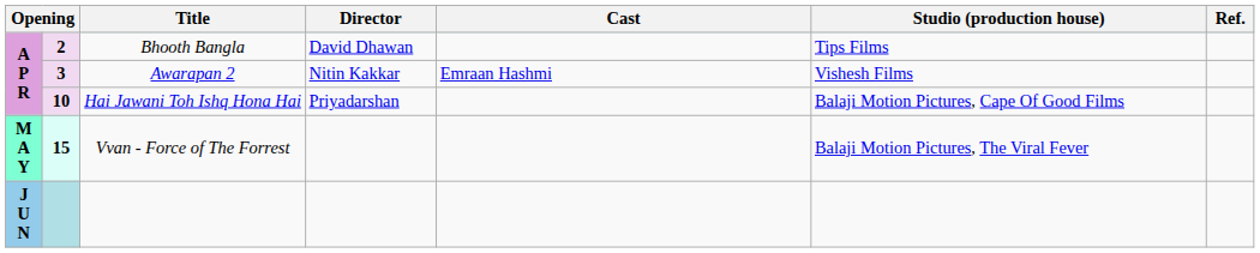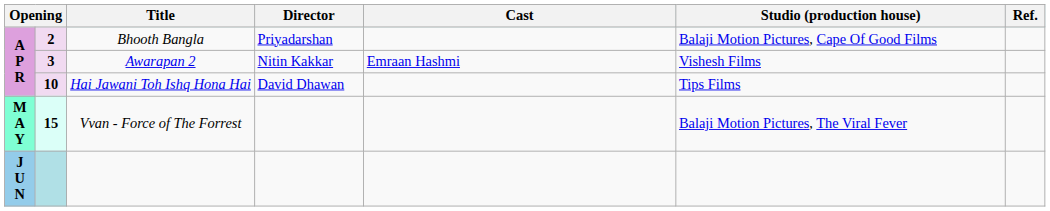 <table class="wikitable">
 <tr style="background:#b0e0e6; text-align:center;">
 <th colspan="2" style="width:6%;"><strong>Opening</strong></th>
 <th style="width:18%;"><strong>Title</strong></th>
 <th style="width:10.5%;"><strong>Director</strong></th>
 <th style="width:30%;"><strong>Cast</strong></th>
 <th>Studio (production house)</th>
 <th>Ref.</th>
 </tr>
 <tr>
 <td rowspan="3" style="text-align:center; background:plum; textcolor:#000;"><strong>A<br>P<br>R</strong></td>
 <td style="text-align:center;background:#f1daf1;"><strong>2</strong></td>
 <td style="text-align:center;"><em>Bhooth Bangla</em></td>
-<td><a href='#'>David Dhawan</a></td>
+<td><a href='#'>Priyadarshan</a></td>
 <td></td>
-<td><a href='#'>Tips Films</a></td>
+<td><a href='#'>Balaji Motion Pictures</a>, <a href='#'>Cape Of Good Films</a></td>
 <td></td>
 </tr>
 <tr>
 <td style="text-align:center;background:#f1daf1;"><strong>3</strong></td>
 <td style="text-align:center;"><em><a href='#'>Awarapan 2</a></em></td>
 <td><a href='#'>Nitin Kakkar</a></td>
 <td><a href='#'>Emraan Hashmi</a></td>
 <td><a href='#'>Vishesh Films</a></td>
 <td></td>
 </tr>
 <tr>
 <td style="text-align:center;background:#f1daf1;"><strong>10</strong></td>
 <td style="text-align:center;"><em><a href='#'>Hai Jawani Toh Ishq Hona Hai</a></em></td>
-<td><a href='#'>Priyadarshan</a></td>
+<td><a href='#'>David Dhawan</a></td>
 <td></td>
-<td><a href='#'>Balaji Motion Pictures</a>, <a href='#'>Cape Of Good Films</a></td>
+<td><a href='#'>Tips Films</a></td>
 <td></td>
 </tr>
 <tr>
 <td style="text-align:center; background:#7FFFD4; textcolor:#000;"><strong>M<br>A<br>Y</strong></td>
 <td style="text-align:center; background:#dbfff8; textcolor:#000;"><strong>15</strong></td>
 <td style="text-align:center;"><em>Vvan - Force of The Forrest</em></td>
 <td></td>
 <td></td>
 <td><a href='#'>Balaji Motion Pictures</a>, <a href='#'>The Viral Fever</a></td>
 <td></td>
 </tr>
 <tr>
 <td style="text-align:center; background:#93CCEA; textcolor:#000;"><strong>J<br>U<br>N</strong></td>
 <td style="text-align:center;background:#B0E0E6;"></td>
 <td style="text-align:center;"></td>
 <td></td>
 <td></td>
 <td></td>
 <td></td>
 </tr>
 </table>
